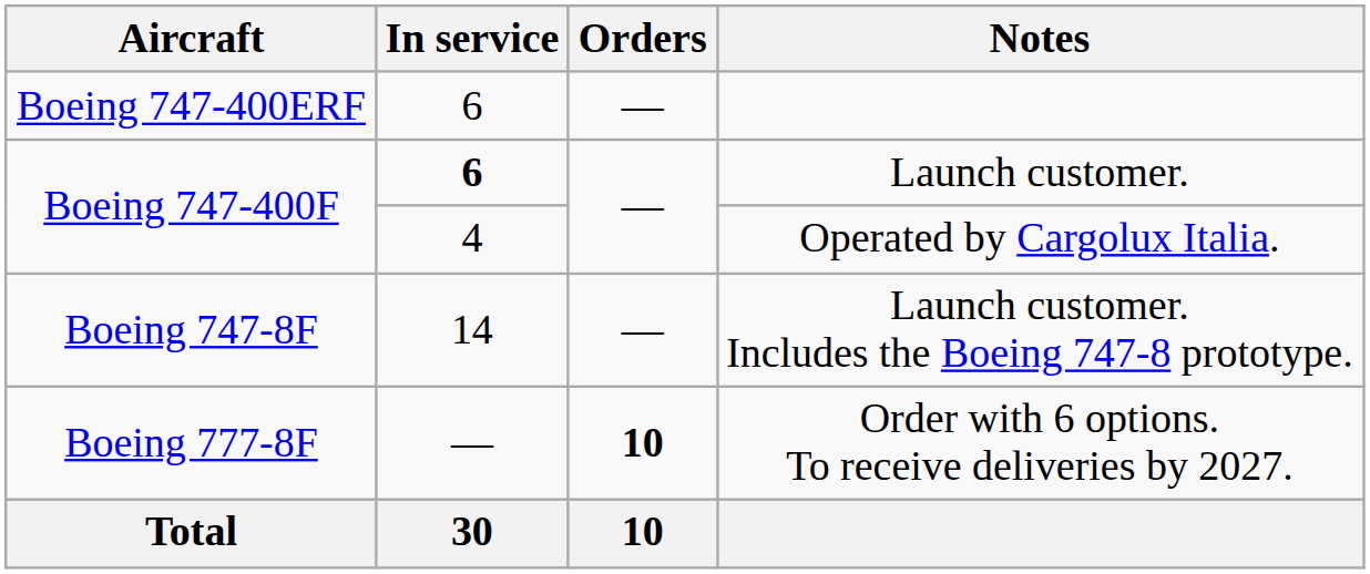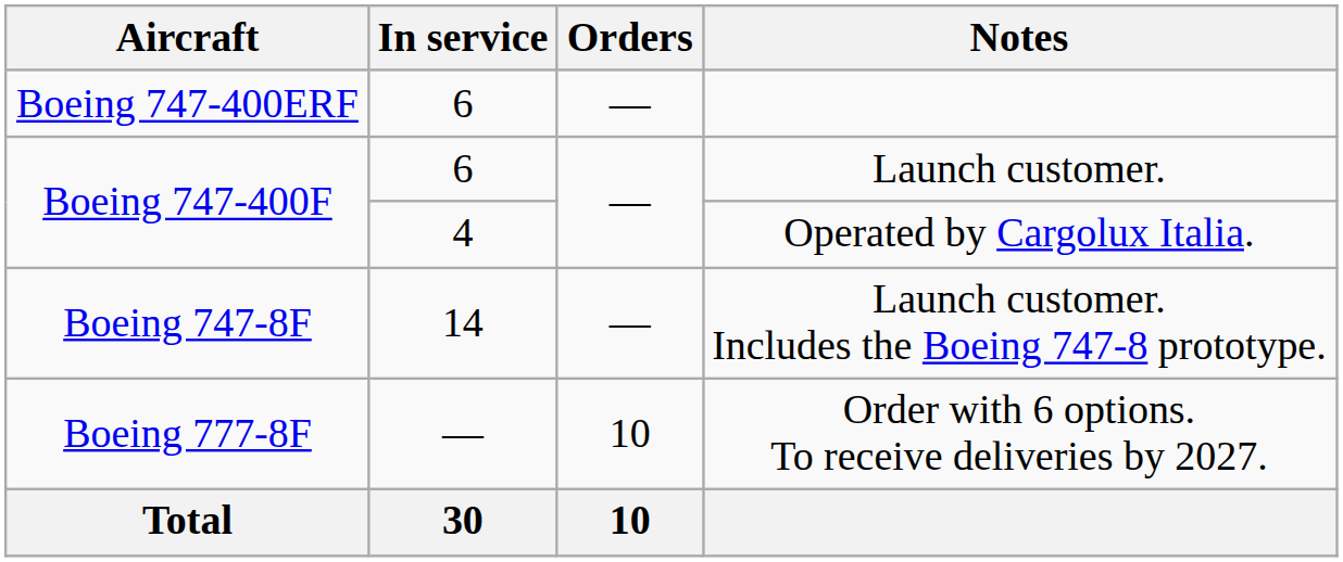 <table class="wikitable" style="margin:1em auto; text-align:center">
 <tr>
 <th>Aircraft</th>
 <th>In service</th>
 <th>Orders</th>
 <th>Notes</th>
 </tr>
 <tr>
 <td><a href='#'>Boeing 747-400ERF</a></td>
 <td>6</td>
 <td>—</td>
 <td></td>
 </tr>
 <tr>
 <td rowspan="2"><a href='#'>Boeing 747-400F</a></td>
-<td><strong>6</strong></td>
+<td>6</td>
 <td rowspan="2">—</td>
 <td>Launch customer.</td>
 </tr>
 <tr>
 <td>4</td>
 <td>Operated by <a href='#'>Cargolux Italia</a>.</td>
 </tr>
 <tr>
 <td><a href='#'>Boeing 747-8F</a></td>
 <td>14</td>
 <td>—</td>
 <td>Launch customer.<br>Includes the <a href='#'>Boeing 747-8</a> prototype.</td>
 </tr>
 <tr>
 <td><a href='#'>Boeing 777-8F</a></td>
 <td>—</td>
-<td><strong>10</strong></td>
+<td>10</td>
 <td>Order with 6 options.<br>To receive deliveries by 2027.</td>
 </tr>
 <tr>
 <th>Total</th>
 <th>30</th>
 <th>10</th>
 <th colspan="2"></th>
 </tr>
 </table>
